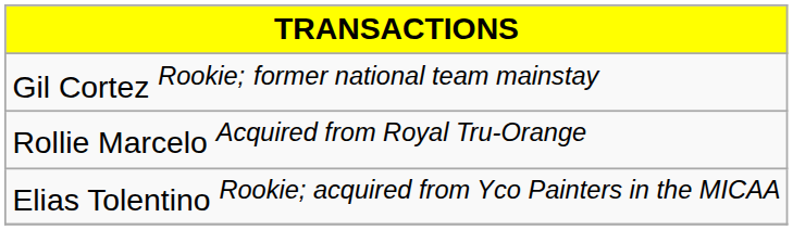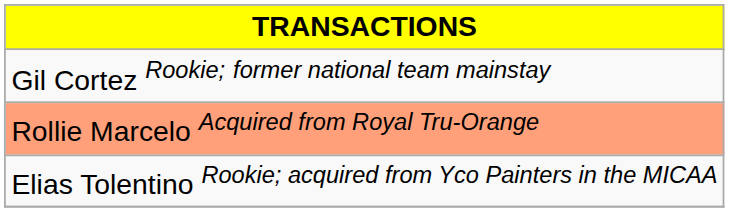 <table class="wikitable" border="1">
 <tr>
 <th style="background:yellow;"><strong>TRANSACTIONS</strong></th>
 </tr>
 <tr>
 <td>Gil Cortez <sup><em>Rookie;</em></sup> <sup><em>former national team mainstay</em></sup></td>
 </tr>
 <tr>
-<td>Rollie Marcelo <sup><em>Acquired from Royal Tru-Orange</em></sup></td>
+<td style="background: lightsalmon;">Rollie Marcelo <sup><em>Acquired from Royal Tru-Orange</em></sup></td>
 </tr>
 <tr>
 <td>Elias Tolentino <sup><em>Rookie; acquired from Yco Painters in the MICAA</em></sup></td>
 </tr>
 <tr>
 </tr>
 </table>
